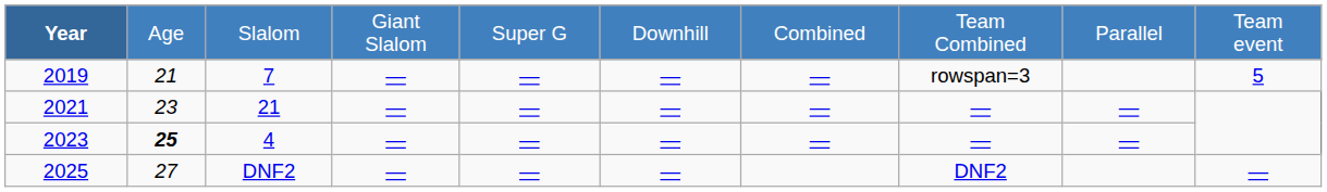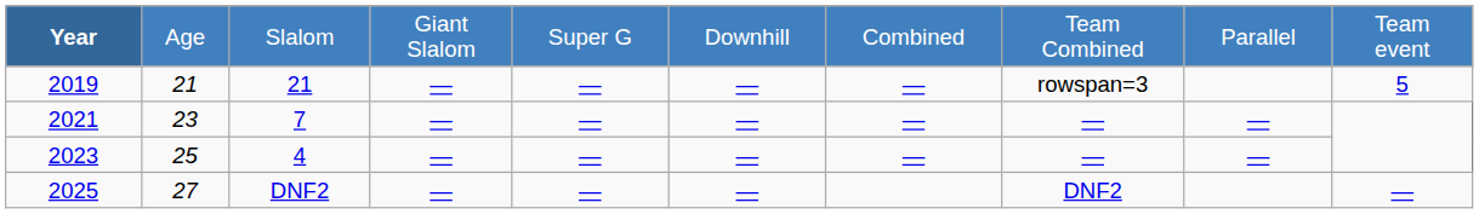 <table class="wikitable" style="font-size:95%; text-align:center; border:grey solid 1px; border-collapse:collapse;" width="50%">
 <tr style="background-color:#369; color:white;">
 <td rowspan="2" colspan="1" width="5%"><strong>Year</strong></td>
 </tr>
 <tr style="background-color:#4180be; color:white;">
 <td width="3%">Age</td>
 <td width="5%">Slalom</td>
 <td width="5%">Giant<br>Slalom</td>
 <td width="5%">Super G</td>
 <td width="5%">Downhill</td>
 <td width="5%">Combined</td>
 <td width="5%">Team<br>Combined</td>
 <td width="5%">Parallel</td>
 <td width="5%">Team<br> event </td>
 </tr>
 <tr style="background-color:#8CB2D8; color:white;">
 </tr>
 <tr>
 <td><a href='#'>2019</a></td>
 <td><em>21</em></td>
-<td><a href='#'>7</a></td>
+<td><a href='#'>21</a></td>
 <td><a href='#'>—</a></td>
 <td><a href='#'>—</a></td>
 <td><a href='#'>—</a></td>
 <td><a href='#'>—</a></td>
 <td>rowspan=3</td>
 <td></td>
 <td><a href='#'>5</a></td>
 </tr>
 <tr>
 <td><a href='#'>2021</a></td>
 <td><em>23</em></td>
-<td><a href='#'>21</a></td>
+<td><a href='#'>7</a></td>
 <td><a href='#'>—</a></td>
 <td><a href='#'>—</a></td>
 <td><a href='#'>—</a></td>
 <td><a href='#'>—</a></td>
 <td><a href='#'>—</a></td>
 <td><a href='#'>—</a></td>
 </tr>
 <tr>
 <td><a href='#'>2023</a></td>
-<td><strong><em>25</em></strong></td>
+<td><em>25</em></td>
 <td><a href='#'>4</a></td>
 <td><a href='#'>—</a></td>
 <td><a href='#'>—</a></td>
 <td><a href='#'>—</a></td>
 <td><a href='#'>—</a></td>
 <td><a href='#'>—</a></td>
 <td><a href='#'>—</a></td>
 </tr>
 <tr>
 <td><a href='#'>2025</a></td>
 <td><em>27</em></td>
 <td><a href='#'>DNF2</a></td>
 <td><a href='#'>—</a></td>
 <td><a href='#'>—</a></td>
 <td><a href='#'>—</a></td>
 <td></td>
 <td><a href='#'>DNF2</a></td>
 <td></td>
 <td><a href='#'>—</a></td>
 </tr>
 </table>
